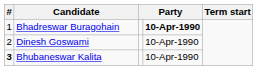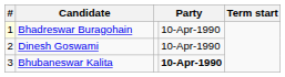 <table class="wikitable">
 <tr>
 <th>#</th>
 <th style="width:200px">Candidate</th>
 <th colspan="2">Party</th>
 <th>Term start</th>
 </tr>
 <tr>
-<td>1</td>
+<td style="background: lightyellow;">1</td>
 <td><a href='#'>Bhadreswar Buragohain</a></td>
 <td></td>
-<td><strong>10-Apr-1990</strong></td>
+<td>10-Apr-1990</td>
 </tr>
 <tr>
 <td>2</td>
 <td><a href='#'>Dinesh Goswami</a></td>
 <td></td>
 <td>10-Apr-1990</td>
 </tr>
 <tr>
-<td><strong>3</strong></td>
+<td>3</td>
 <td><a href='#'>Bhubaneswar Kalita</a></td>
 <td></td>
-<td>10-Apr-1990</td>
+<td><strong>10-Apr-1990</strong></td>
 </tr>
 </table>
